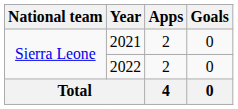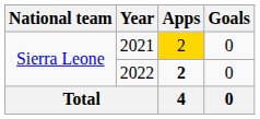 <table class=wikitable style="text-align: center">
 <tr>
 <th>National team</th>
 <th>Year</th>
 <th>Apps</th>
 <th>Goals</th>
 </tr>
 <tr>
 <td rowspan=2><a href='#'>Sierra Leone</a></td>
 <td>2021</td>
-<td>2</td>
+<td style="background: gold;">2</td>
 <td>0</td>
 </tr>
 <tr>
 <td>2022</td>
-<td>2</td>
+<td><strong>2</strong></td>
 <td>0</td>
 </tr>
 <tr>
 <th colspan=2>Total</th>
 <th>4</th>
 <th>0</th>
 </tr>
 </table>
